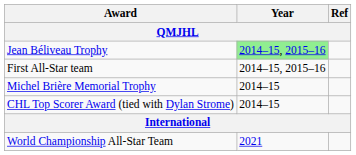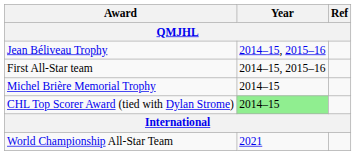 <table class="wikitable">
 <tr>
 <th>Award</th>
 <th>Year</th>
 <th>Ref</th>
 </tr>
 <tr>
 <th colspan="3"><a href='#'>QMJHL</a></th>
 </tr>
 <tr>
 <td><a href='#'>Jean Béliveau Trophy</a></td>
-<td style="background: lightgreen;"><a href='#'>2014–15</a>, <a href='#'>2015–16</a></td>
+<td><a href='#'>2014–15</a>, <a href='#'>2015–16</a></td>
 <td></td>
 </tr>
 <tr>
 <td>First All-Star team</td>
 <td>2014–15, 2015–16</td>
 <td></td>
 </tr>
 <tr>
 <td><a href='#'>Michel Brière Memorial Trophy</a></td>
 <td>2014–15</td>
 <td></td>
 </tr>
 <tr>
 <td><a href='#'>CHL Top Scorer Award</a> (tied with <a href='#'>Dylan Strome</a>)</td>
-<td>2014–15</td>
+<td style="background: lightgreen;">2014–15</td>
 <td></td>
 </tr>
 <tr>
 <th colspan="3"><a href='#'>International</a></th>
 </tr>
 <tr>
 <td><a href='#'>World Championship</a> All-Star Team</td>
 <td><a href='#'>2021</a></td>
 <td></td>
 </tr>
 </table>
